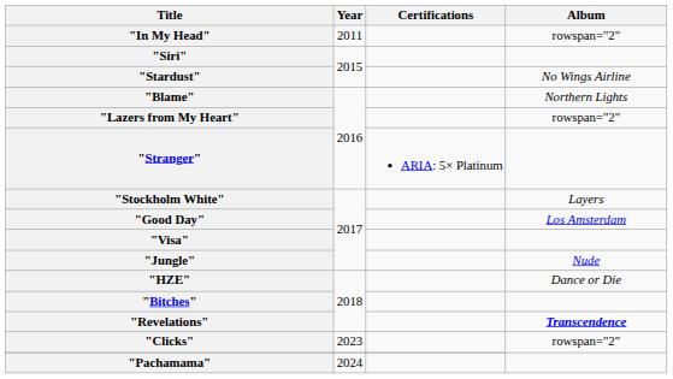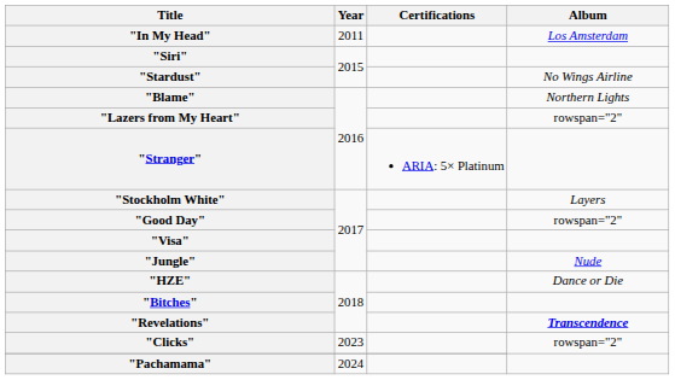 <table class="wikitable plainrowheaders" style="text-align:center;">
 <tr>
 <th scope="col" style="width:25em;">Title</th>
 <th scope="col">Year</th>
 <th scope="col">Certifications</th>
 <th scope="col" style="width:12em;">Album</th>
 </tr>
 <tr>
 <th scope="row">"In My Head"<br></th>
 <td>2011</td>
 <td></td>
-<td>rowspan="2" </td>
+<td><em><a href='#'>Los Amsterdam</a></em></td>
 </tr>
 <tr>
 <th scope="row">"Siri"<br></th>
 <td rowspan="2">2015</td>
 <td></td>
 </tr>
 <tr>
 <th scope="row">"Stardust"<br></th>
 <td></td>
 <td><em>No Wings Airline</em></td>
 </tr>
 <tr>
 <th scope="row">"Blame"<br></th>
 <td rowspan="3">2016</td>
 <td></td>
 <td><em>Northern Lights</em></td>
 </tr>
 <tr>
 <th scope="row">"Lazers from My Heart"<br></th>
 <td></td>
 <td>rowspan="2" </td>
 </tr>
 <tr>
 <th scope="row">"<a href='#'>Stranger</a>"<br></th>
 <td><br><ul><li><a href='#'>ARIA</a>: 5× Platinum</li></ul></td>
 <td></td>
 </tr>
 <tr>
 <th scope="row">"Stockholm White"<br></th>
 <td rowspan="4">2017</td>
 <td></td>
 <td><em>Layers</em></td>
 </tr>
 <tr>
 <th scope="row">"Good Day"<br></th>
 <td></td>
-<td><em><a href='#'>Los Amsterdam</a></em></td>
+<td>rowspan="2" </td>
 </tr>
 <tr>
 <th scope="row">"Visa"<br></th>
 <td></td>
 <td></td>
 </tr>
 <tr>
 <th scope="row">"Jungle"<br></th>
 <td></td>
 <td><em><a href='#'>Nude</a></em></td>
 </tr>
 <tr>
 <th scope="row">"HZE"<br></th>
 <td rowspan="3">2018</td>
 <td></td>
 <td><em>Dance or Die</em></td>
 </tr>
 <tr>
 <th scope="row">"<a href='#'>Bitches</a>"<br></th>
 <td></td>
 </tr>
 <tr>
 <th scope="row">"Revelations"<br></th>
 <td></td>
 <td><strong><em><a href='#'>Transcendence</a></em></strong></td>
 </tr>
 <tr>
 <th scope="row">"Clicks"<br></th>
 <td>2023</td>
 <td></td>
 <td>rowspan="2" </td>
 </tr>
 <tr>
 </tr>
 <tr>
 <th scope="row">"Pachamama" <br> </th>
 <td>2024</td>
 <td></td>
 </tr>
 </table>
